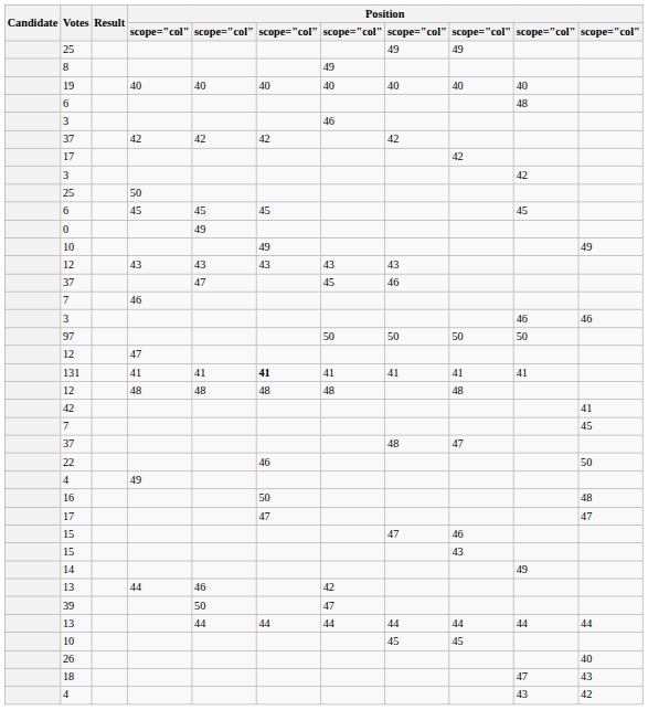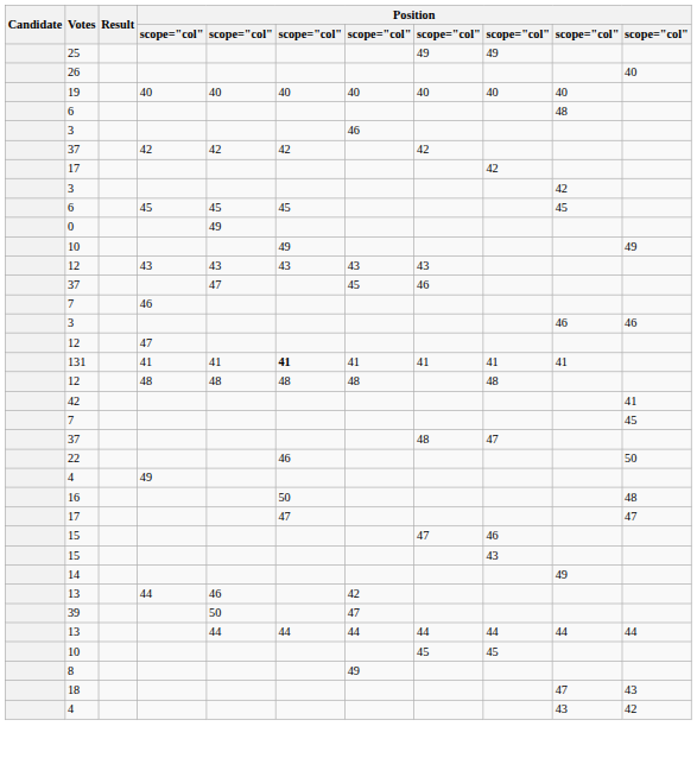 <table class="wikitable sortable defaultright col3left">
 <tr>
 <th scope="col" rowspan="2">Candidate</th>
 <th scope="col" rowspan="2">Votes</th>
 <th scope="col" rowspan="2">Result</th>
 <th scope="col" colspan="8">Position</th>
 </tr>
 <tr>
 <th>scope="col" </th>
 <th>scope="col" </th>
 <th>scope="col" </th>
 <th>scope="col" </th>
 <th>scope="col" </th>
 <th>scope="col" </th>
 <th>scope="col" </th>
 <th>scope="col" </th>
 </tr>
 <tr>
 <th scope="row"></th>
 <td>25</td>
 <td></td>
 <td></td>
 <td></td>
 <td></td>
 <td></td>
 <td>49</td>
 <td>49</td>
 <td></td>
 <td></td>
 </tr>
 <tr>
 <th scope="row"></th>
-<td>8</td>
+<td>26</td>
 <td></td>
 <td></td>
 <td></td>
 <td></td>
-<td>49</td>
 <td></td>
 <td></td>
 <td></td>
 <td></td>
+<td>40</td>
 </tr>
 <tr>
 <th scope="row"></th>
 <td>19</td>
 <td></td>
 <td>40</td>
 <td>40</td>
 <td>40</td>
 <td>40</td>
 <td>40</td>
 <td>40</td>
 <td>40</td>
 <td></td>
 </tr>
 <tr>
 <th scope="row"></th>
 <td>6</td>
 <td></td>
 <td></td>
 <td></td>
 <td></td>
 <td></td>
 <td></td>
 <td></td>
 <td>48</td>
 <td></td>
 </tr>
 <tr>
 <th scope="row"></th>
 <td>3</td>
 <td></td>
 <td></td>
 <td></td>
 <td></td>
 <td>46</td>
 <td></td>
 <td></td>
 <td></td>
 <td></td>
 </tr>
 <tr>
 <th scope="row"></th>
 <td>37</td>
 <td></td>
 <td>42</td>
 <td>42</td>
 <td>42</td>
 <td></td>
 <td>42</td>
 <td></td>
 <td></td>
 <td></td>
 </tr>
 <tr>
 <th scope="row"></th>
 <td>17</td>
 <td></td>
 <td></td>
 <td></td>
 <td></td>
 <td></td>
 <td></td>
 <td>42</td>
 <td></td>
 <td></td>
 </tr>
 <tr>
 <th scope="row"></th>
 <td>3</td>
 <td></td>
 <td></td>
 <td></td>
 <td></td>
 <td></td>
 <td></td>
 <td></td>
 <td>42</td>
-<td></td>
-</tr>
-<tr>
-<th scope="row"></th>
-<td>25</td>
-<td></td>
-<td>50</td>
-<td></td>
-<td></td>
-<td></td>
-<td></td>
-<td></td>
-<td></td>
 <td></td>
 </tr>
 <tr>
 <th scope="row"></th>
 <td>6</td>
 <td></td>
 <td>45</td>
 <td>45</td>
 <td>45</td>
 <td></td>
 <td></td>
 <td></td>
 <td>45</td>
 <td></td>
 </tr>
 <tr>
 <th scope="row"></th>
 <td>0</td>
 <td></td>
 <td></td>
 <td>49</td>
 <td></td>
 <td></td>
 <td></td>
 <td></td>
 <td></td>
 <td></td>
 </tr>
 <tr>
 <th scope="row"></th>
 <td>10</td>
 <td></td>
 <td></td>
 <td></td>
 <td>49</td>
 <td></td>
 <td></td>
 <td></td>
 <td></td>
 <td>49</td>
 </tr>
 <tr>
 <th scope="row"></th>
 <td>12</td>
 <td></td>
 <td>43</td>
 <td>43</td>
 <td>43</td>
 <td>43</td>
 <td>43</td>
 <td></td>
 <td></td>
 <td></td>
 </tr>
 <tr>
 <th scope="row"></th>
 <td>37</td>
 <td></td>
 <td></td>
 <td>47</td>
 <td></td>
 <td>45</td>
 <td>46</td>
 <td></td>
 <td></td>
 <td></td>
 </tr>
 <tr>
 <th scope="row"></th>
 <td>7</td>
 <td></td>
 <td>46</td>
 <td></td>
 <td></td>
 <td></td>
 <td></td>
 <td></td>
 <td></td>
 <td></td>
 </tr>
 <tr>
 <th scope="row"></th>
 <td>3</td>
 <td></td>
 <td></td>
 <td></td>
 <td></td>
 <td></td>
 <td></td>
 <td></td>
 <td>46</td>
 <td>46</td>
-</tr>
-<tr>
-<th scope="row"></th>
-<td>97</td>
-<td></td>
-<td></td>
-<td></td>
-<td></td>
-<td>50</td>
-<td>50</td>
-<td>50</td>
-<td>50</td>
-<td></td>
 </tr>
 <tr>
 <th scope="row"></th>
 <td>12</td>
 <td></td>
 <td>47</td>
 <td></td>
 <td></td>
 <td></td>
 <td></td>
 <td></td>
 <td></td>
 <td></td>
 </tr>
 <tr>
 <th scope="row"></th>
 <td>131</td>
 <td></td>
 <td>41</td>
 <td>41</td>
 <td><strong>41</strong></td>
 <td>41</td>
 <td>41</td>
 <td>41</td>
 <td>41</td>
 <td></td>
 </tr>
 <tr>
 <th scope="row"></th>
 <td>12</td>
 <td></td>
 <td>48</td>
 <td>48</td>
 <td>48</td>
 <td>48</td>
 <td></td>
 <td>48</td>
 <td></td>
 <td></td>
 </tr>
 <tr>
 <th scope="row"></th>
 <td>42</td>
 <td></td>
 <td></td>
 <td></td>
 <td></td>
 <td></td>
 <td></td>
 <td></td>
 <td></td>
 <td>41</td>
 </tr>
 <tr>
 <th scope="row"></th>
 <td>7</td>
 <td></td>
 <td></td>
 <td></td>
 <td></td>
 <td></td>
 <td></td>
 <td></td>
 <td></td>
 <td>45</td>
 </tr>
 <tr>
 <th scope="row"></th>
 <td>37</td>
 <td></td>
 <td></td>
 <td></td>
 <td></td>
 <td></td>
 <td>48</td>
 <td>47</td>
 <td></td>
 <td></td>
 </tr>
 <tr>
 <th scope="row"></th>
 <td>22</td>
 <td></td>
 <td></td>
 <td></td>
 <td>46</td>
 <td></td>
 <td></td>
 <td></td>
 <td></td>
 <td>50</td>
 </tr>
 <tr>
 <th scope="row"></th>
 <td>4</td>
 <td></td>
 <td>49</td>
 <td></td>
 <td></td>
 <td></td>
 <td></td>
 <td></td>
 <td></td>
 <td></td>
 </tr>
 <tr>
 <th scope="row"></th>
 <td>16</td>
 <td></td>
 <td></td>
 <td></td>
 <td>50</td>
 <td></td>
 <td></td>
 <td></td>
 <td></td>
 <td>48</td>
 </tr>
 <tr>
 <th scope="row"></th>
 <td>17</td>
 <td></td>
 <td></td>
 <td></td>
 <td>47</td>
 <td></td>
 <td></td>
 <td></td>
 <td></td>
 <td>47</td>
 </tr>
 <tr>
 <th scope="row"></th>
 <td>15</td>
 <td></td>
 <td></td>
 <td></td>
 <td></td>
 <td></td>
 <td>47</td>
 <td>46</td>
 <td></td>
 <td></td>
 </tr>
 <tr>
 <th scope="row"></th>
 <td>15</td>
 <td></td>
 <td></td>
 <td></td>
 <td></td>
 <td></td>
 <td></td>
 <td>43</td>
 <td></td>
 <td></td>
 </tr>
 <tr>
 <th scope="row"></th>
 <td>14</td>
 <td></td>
 <td></td>
 <td></td>
 <td></td>
 <td></td>
 <td></td>
 <td></td>
 <td>49</td>
 <td></td>
 </tr>
 <tr>
 <th scope="row"></th>
 <td>13</td>
 <td></td>
 <td>44</td>
 <td>46</td>
 <td></td>
 <td>42</td>
 <td></td>
 <td></td>
 <td></td>
 <td></td>
 </tr>
 <tr>
 <th scope="row"></th>
 <td>39</td>
 <td></td>
 <td></td>
 <td>50</td>
 <td></td>
 <td>47</td>
 <td></td>
 <td></td>
 <td></td>
 <td></td>
 </tr>
 <tr>
 <th scope="row"></th>
 <td>13</td>
 <td></td>
 <td></td>
 <td>44</td>
 <td>44</td>
 <td>44</td>
 <td>44</td>
 <td>44</td>
 <td>44</td>
 <td>44</td>
 </tr>
 <tr>
 <th scope="row"></th>
 <td>10</td>
 <td></td>
 <td></td>
 <td></td>
 <td></td>
 <td></td>
 <td>45</td>
 <td>45</td>
 <td></td>
 <td></td>
 </tr>
 <tr>
 <th scope="row"></th>
-<td>26</td>
+<td>8</td>
 <td></td>
 <td></td>
 <td></td>
 <td></td>
+<td>49</td>
 <td></td>
 <td></td>
 <td></td>
 <td></td>
-<td>40</td>
 </tr>
 <tr>
 <th scope="row"></th>
 <td>18</td>
 <td></td>
 <td></td>
 <td></td>
 <td></td>
 <td></td>
 <td></td>
 <td></td>
 <td>47</td>
 <td>43</td>
 </tr>
 <tr>
 <th scope="row"></th>
 <td>4</td>
 <td></td>
 <td></td>
 <td></td>
 <td></td>
 <td></td>
 <td></td>
 <td></td>
 <td>43</td>
 <td>42</td>
 </tr>
 </table>
